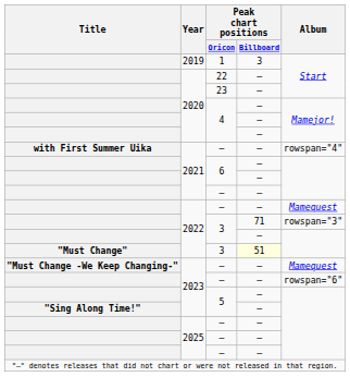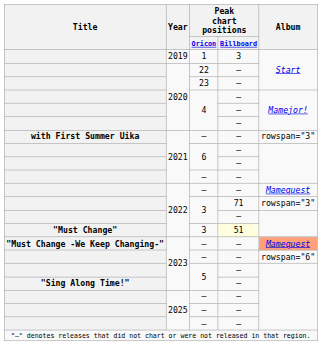 <table class="wikitable plainrowheaders" style="text-align:center;">
 <tr>
 <th scope="col" rowspan="2">Title</th>
 <th scope="col" rowspan="2">Year</th>
 <th scope="col" colspan="2">Peak <br> chart <br> positions</th>
 <th scope="col" rowspan="2">Album</th>
 </tr>
 <tr>
 <th scope="col" style="width:2.5em;"><small><a href='#'>Oricon</a></small></th>
 <th scope="col" style="width:2.5em;"><small><a href='#'>Billboard</a></small></th>
 </tr>
 <tr>
 <th scope="row"></th>
 <td>2019</td>
 <td>1</td>
 <td>3</td>
 <td rowspan="3"><em><a href='#'>Start</a></em></td>
 </tr>
 <tr>
 <th scope="row"></th>
 <td rowspan="5">2020</td>
 <td>22</td>
 <td>—</td>
 </tr>
 <tr>
 <th scope="row"></th>
 <td>23</td>
 <td>—</td>
 </tr>
 <tr>
 <th scope="row"></th>
 <td rowspan="3">4</td>
 <td>—</td>
 <td rowspan="3"><em><a href='#'>Mamejor!</a></em></td>
 </tr>
 <tr>
 <th scope="row"></th>
 <td>—</td>
 </tr>
 <tr>
 <th scope="row"></th>
 <td>—</td>
 </tr>
 <tr>
 <th scope="row"> with First Summer Uika</th>
 <td rowspan="4">2021</td>
 <td>—</td>
 <td>—</td>
-<td>rowspan="4" </td>
+<td>rowspan="3" </td>
 </tr>
 <tr>
 <th scope="row"></th>
 <td rowspan="2">6</td>
 <td>—</td>
 </tr>
 <tr>
 <th scope="row"></th>
 <td>—</td>
 </tr>
 <tr>
 <th scope="row"></th>
 <td>—</td>
 <td>—</td>
 </tr>
 <tr>
 <th scope="row"></th>
 <td rowspan="4">2022</td>
 <td>—</td>
 <td>—</td>
 <td><em><a href='#'>Mamequest</a></em></td>
 </tr>
 <tr>
 <th scope="row"></th>
 <td rowspan="2">3</td>
 <td>71</td>
 <td>rowspan="3" </td>
 </tr>
 <tr>
 <th scope="row"></th>
 <td>—</td>
 </tr>
 <tr>
 <th scope="row">"Must Change"</th>
 <td>3</td>
 <td style="background: lightyellow;">51</td>
 </tr>
 <tr>
 <th scope="row">"Must Change -We Keep Changing-"</th>
 <td rowspan="4">2023</td>
 <td>—</td>
 <td>—</td>
-<td><em><a href='#'>Mamequest</a></em></td>
+<td style="background: lightsalmon;"><em><a href='#'>Mamequest</a></em></td>
 </tr>
 <tr>
 <th scope="row"></th>
 <td>—</td>
 <td>—</td>
 <td>rowspan="6" </td>
 </tr>
 <tr>
 <th scope="row"></th>
 <td rowspan="2">5</td>
 <td>—</td>
 </tr>
 <tr>
 <th scope="row">"Sing Along Time!"</th>
 <td>—</td>
 </tr>
 <tr>
 <th scope="row"></th>
 <td rowspan="3">2025</td>
 <td>—</td>
 <td>—</td>
 </tr>
 <tr>
 <th scope="row"></th>
 <td>—</td>
 <td>—</td>
 </tr>
 <tr>
 <th scope="row"></th>
 <td>—</td>
 <td>—</td>
 </tr>
 <tr>
 <td colspan="5" style="font-size:80%">"—" denotes releases that did not chart or were not released in that region.</td>
 </tr>
 </table>
